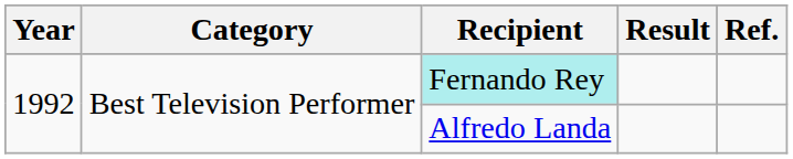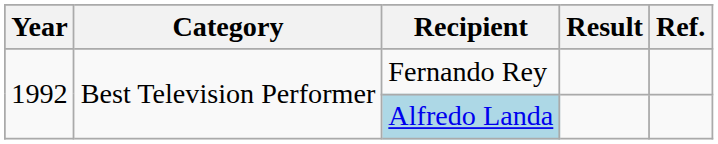 <table class = "wikitable sortable">
 <tr>
 <th>Year</th>
 <th>Category</th>
 <th>Recipient</th>
 <th>Result</th>
 <th>Ref.</th>
 </tr>
 <tr>
 <td rowspan=2>1992</td>
 <td rowspan=2>Best Television Performer</td>
-<td style="background: paleturquoise;">Fernando Rey</td>
+<td>Fernando Rey</td>
 <td></td>
 <td></td>
 </tr>
 <tr>
-<td><a href='#'>Alfredo Landa</a></td>
+<td style="background: lightblue;"><a href='#'>Alfredo Landa</a></td>
 <td></td>
 <td></td>
 </tr>
 </table>
